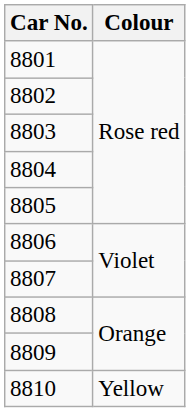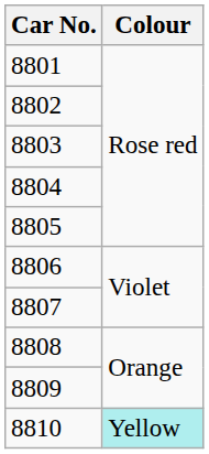 <table class="wikitable">
 <tr>
 <th>Car No.</th>
 <th>Colour</th>
 </tr>
 <tr>
 <td>8801</td>
 <td rowspan="5"> Rose red</td>
 </tr>
 <tr>
 <td>8802</td>
 </tr>
 <tr>
 <td>8803</td>
 </tr>
 <tr>
 <td>8804</td>
 </tr>
 <tr>
 <td>8805</td>
 </tr>
 <tr>
 <td>8806</td>
 <td rowspan="2"> Violet</td>
 </tr>
 <tr>
 <td>8807</td>
 </tr>
 <tr>
 <td>8808</td>
 <td rowspan="2"> Orange</td>
 </tr>
 <tr>
 <td>8809</td>
 </tr>
 <tr>
 <td>8810</td>
-<td> Yellow</td>
+<td style="background: paleturquoise;"> Yellow</td>
 </tr>
 </table>
